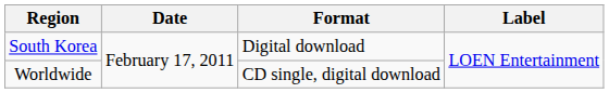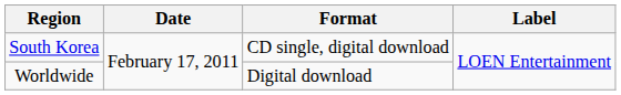 <table class="wikitable">
 <tr>
 <th style="text-align:center;">Region</th>
 <th style="text-align:center;">Date</th>
 <th style="text-align:center;">Format</th>
 <th style="text-align:center;">Label</th>
 </tr>
 <tr>
 <td style="text-align:center;"><a href='#'>South Korea</a></td>
 <td style="text-align:center;" rowspan="2">February 17, 2011</td>
-<td>Digital download</td>
+<td>CD single, digital download</td>
 <td rowspan="3"><a href='#'>LOEN Entertainment</a></td>
 </tr>
 <tr>
 <td style="text-align:center;">Worldwide</td>
-<td>CD single, digital download</td>
+<td>Digital download</td>
 </tr>
 </table>
